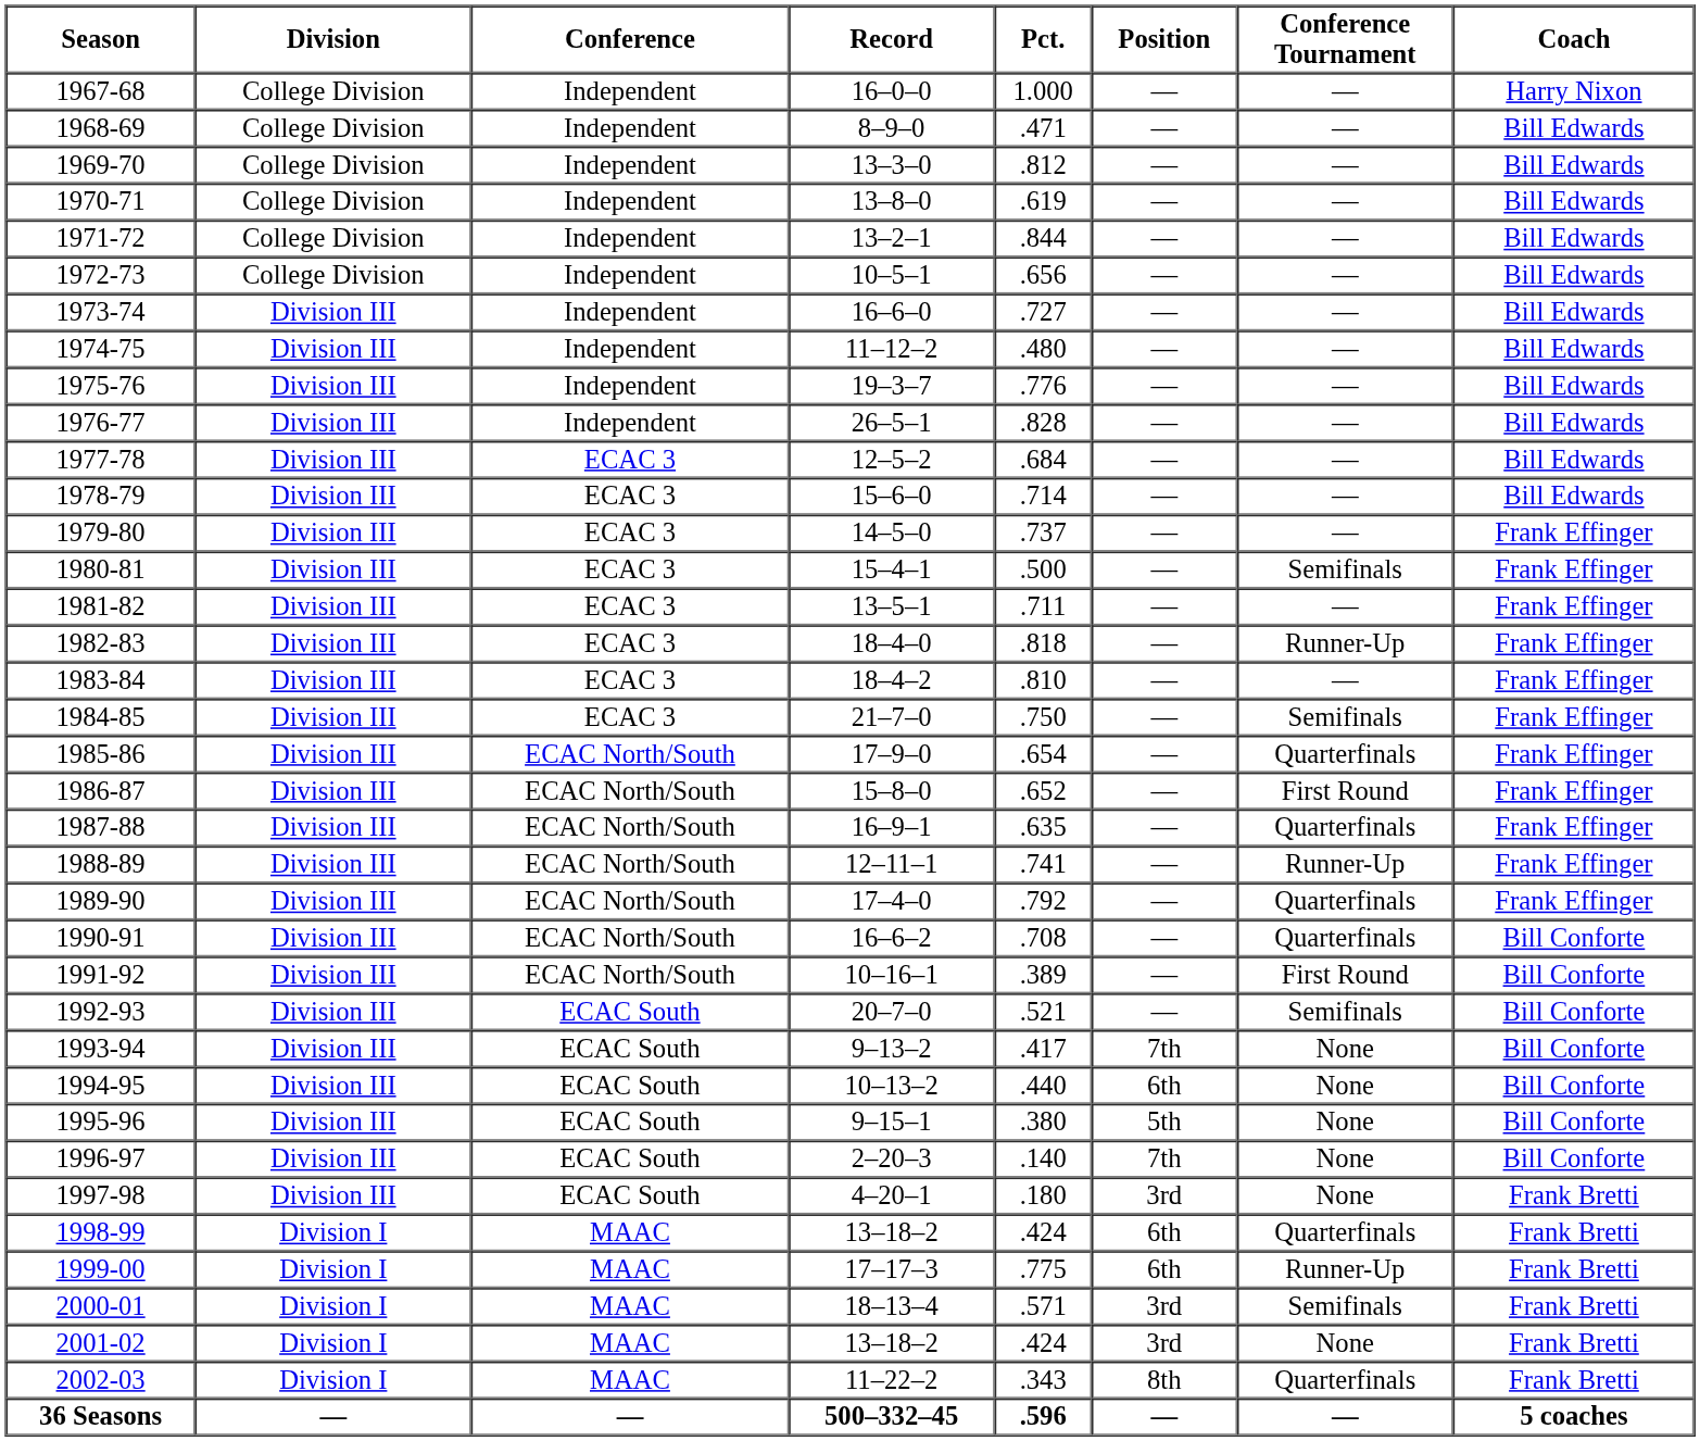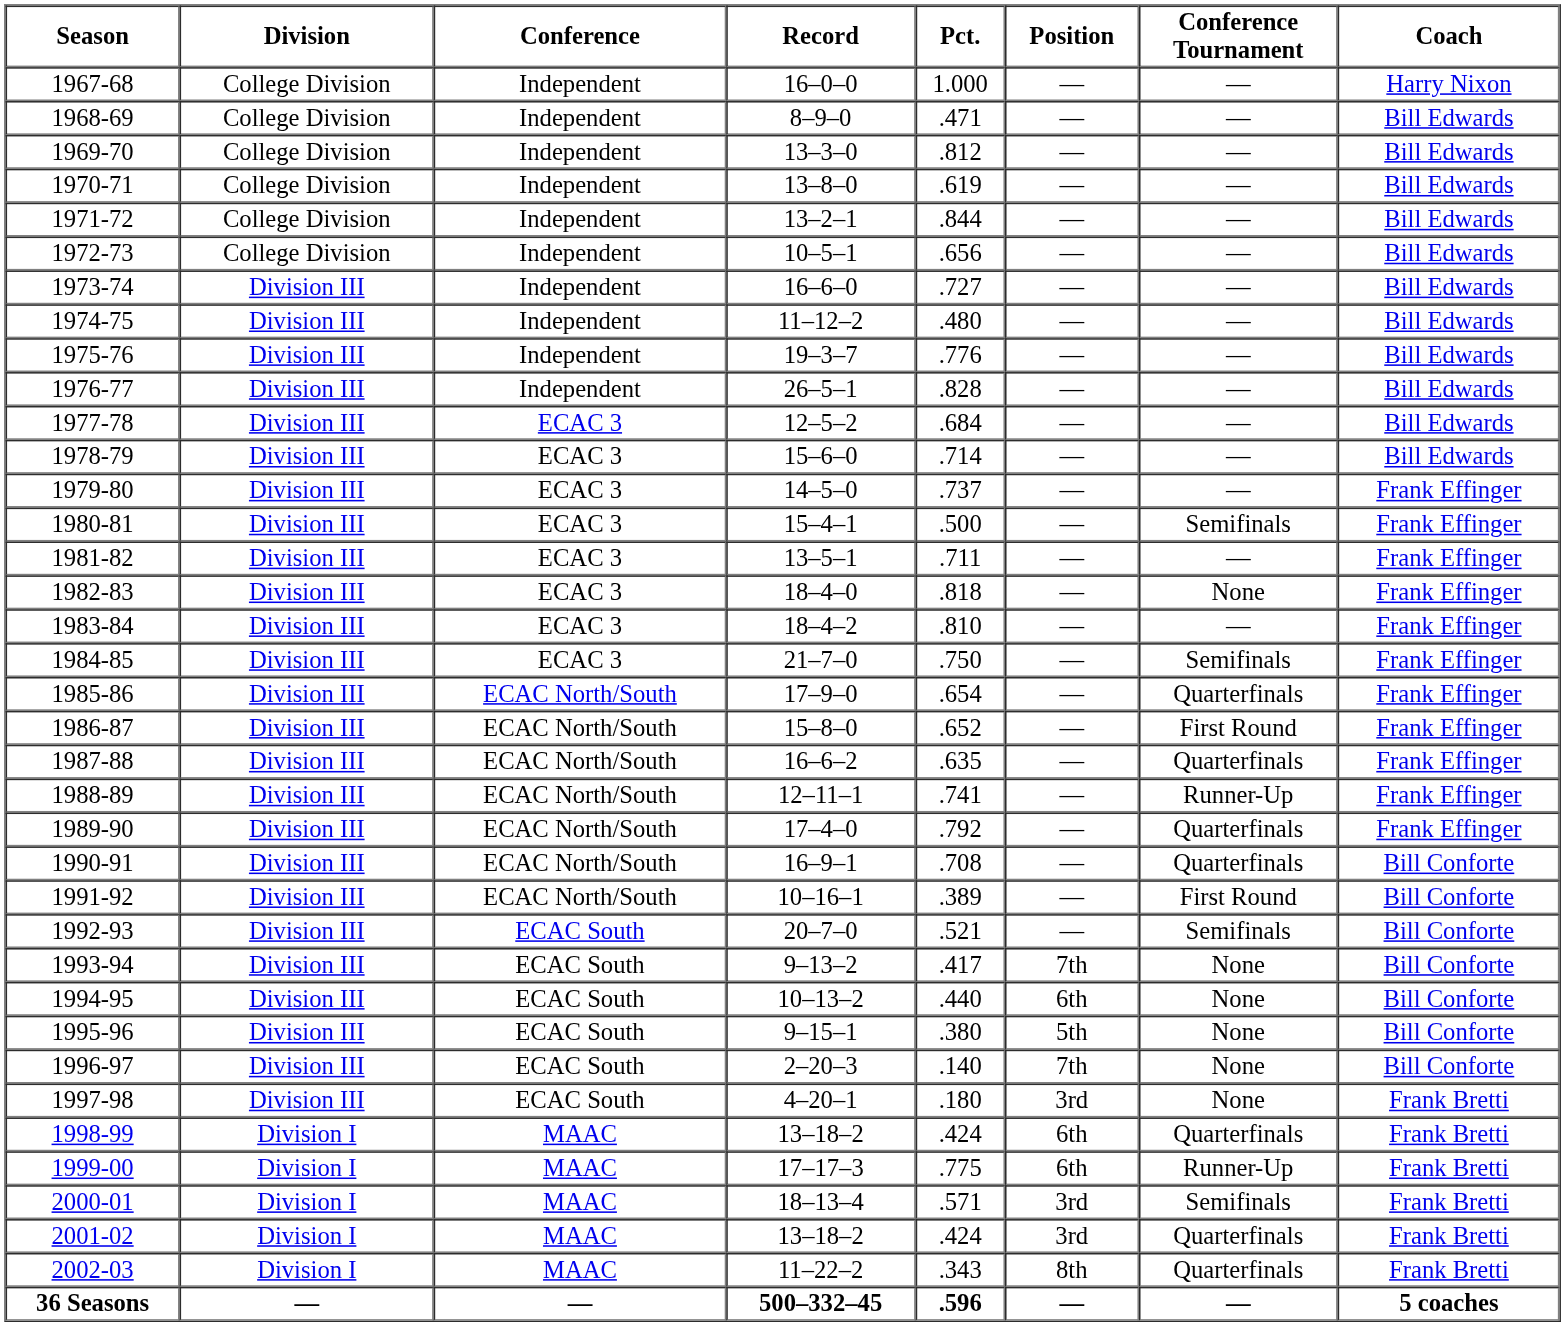 <table cellpadding="1" border="1" cellspacing="0" width="80%">
 <tr>
 <th>Season</th>
 <th>Division</th>
 <th>Conference</th>
 <th>Record</th>
 <th>Pct.</th>
 <th>Position</th>
 <th>Conference<br>Tournament</th>
 <th>Coach</th>
 </tr>
 <tr align="center">
 <td>1967-68</td>
 <td>College Division</td>
 <td>Independent</td>
 <td>16–0–0</td>
 <td>1.000</td>
 <td>—</td>
 <td>—</td>
 <td><a href='#'>Harry Nixon</a></td>
 </tr>
 <tr align="center">
 <td>1968-69</td>
 <td>College Division</td>
 <td>Independent</td>
 <td>8–9–0</td>
 <td>.471</td>
 <td>—</td>
 <td>—</td>
 <td><a href='#'>Bill Edwards</a></td>
 </tr>
 <tr align="center">
 <td>1969-70</td>
 <td>College Division</td>
 <td>Independent</td>
 <td>13–3–0</td>
 <td>.812</td>
 <td>—</td>
 <td>—</td>
 <td><a href='#'>Bill Edwards</a></td>
 </tr>
 <tr align="center">
 <td>1970-71</td>
 <td>College Division</td>
 <td>Independent</td>
 <td>13–8–0</td>
 <td>.619</td>
 <td>—</td>
 <td>—</td>
 <td><a href='#'>Bill Edwards</a></td>
 </tr>
 <tr align="center">
 <td>1971-72</td>
 <td>College Division</td>
 <td>Independent</td>
 <td>13–2–1</td>
 <td>.844</td>
 <td>—</td>
 <td>—</td>
 <td><a href='#'>Bill Edwards</a></td>
 </tr>
 <tr align="center">
 <td>1972-73</td>
 <td>College Division</td>
 <td>Independent</td>
 <td>10–5–1</td>
 <td>.656</td>
 <td>—</td>
 <td>—</td>
 <td><a href='#'>Bill Edwards</a></td>
 </tr>
 <tr align="center">
 <td>1973-74</td>
 <td><a href='#'>Division III</a></td>
 <td>Independent</td>
 <td>16–6–0</td>
 <td>.727</td>
 <td>—</td>
 <td>—</td>
 <td><a href='#'>Bill Edwards</a></td>
 </tr>
 <tr align="center">
 <td>1974-75</td>
 <td><a href='#'>Division III</a></td>
 <td>Independent</td>
 <td>11–12–2</td>
 <td>.480</td>
 <td>—</td>
 <td>—</td>
 <td><a href='#'>Bill Edwards</a></td>
 </tr>
 <tr align="center">
 <td>1975-76</td>
 <td><a href='#'>Division III</a></td>
 <td>Independent</td>
 <td>19–3–7</td>
 <td>.776</td>
 <td>—</td>
 <td>—</td>
 <td><a href='#'>Bill Edwards</a></td>
 </tr>
 <tr align="center">
 <td>1976-77</td>
 <td><a href='#'>Division III</a></td>
 <td>Independent</td>
 <td>26–5–1</td>
 <td>.828</td>
 <td>—</td>
 <td>—</td>
 <td><a href='#'>Bill Edwards</a></td>
 </tr>
 <tr align="center">
 <td>1977-78</td>
 <td><a href='#'>Division III</a></td>
 <td><a href='#'>ECAC 3</a></td>
 <td>12–5–2</td>
 <td>.684</td>
 <td>—</td>
 <td>—</td>
 <td><a href='#'>Bill Edwards</a></td>
 </tr>
 <tr align="center">
 <td>1978-79</td>
 <td><a href='#'>Division III</a></td>
 <td>ECAC 3</td>
 <td>15–6–0</td>
 <td>.714</td>
 <td>—</td>
 <td>—</td>
 <td><a href='#'>Bill Edwards</a></td>
 </tr>
 <tr align="center">
 <td>1979-80</td>
 <td><a href='#'>Division III</a></td>
 <td>ECAC 3</td>
 <td>14–5–0</td>
 <td>.737</td>
 <td>—</td>
 <td>—</td>
 <td><a href='#'>Frank Effinger</a></td>
 </tr>
 <tr align="center">
 <td>1980-81</td>
 <td><a href='#'>Division III</a></td>
 <td>ECAC 3</td>
 <td>15–4–1</td>
 <td>.500</td>
 <td>—</td>
 <td>Semifinals</td>
 <td><a href='#'>Frank Effinger</a></td>
 </tr>
 <tr align="center">
 <td>1981-82</td>
 <td><a href='#'>Division III</a></td>
 <td>ECAC 3</td>
 <td>13–5–1</td>
 <td>.711</td>
 <td>—</td>
 <td>—</td>
 <td><a href='#'>Frank Effinger</a></td>
 </tr>
 <tr align="center">
 <td>1982-83</td>
 <td><a href='#'>Division III</a></td>
 <td>ECAC 3</td>
 <td>18–4–0</td>
 <td>.818</td>
 <td>—</td>
-<td>Runner-Up</td>
+<td>None</td>
 <td><a href='#'>Frank Effinger</a></td>
 </tr>
 <tr align="center">
 <td>1983-84</td>
 <td><a href='#'>Division III</a></td>
 <td>ECAC 3</td>
 <td>18–4–2</td>
 <td>.810</td>
 <td>—</td>
 <td>—</td>
 <td><a href='#'>Frank Effinger</a></td>
 </tr>
 <tr align="center">
 <td>1984-85</td>
 <td><a href='#'>Division III</a></td>
 <td>ECAC 3</td>
 <td>21–7–0</td>
 <td>.750</td>
 <td>—</td>
 <td>Semifinals</td>
 <td><a href='#'>Frank Effinger</a></td>
 </tr>
 <tr align="center">
 <td>1985-86</td>
 <td><a href='#'>Division III</a></td>
 <td><a href='#'>ECAC North/South</a></td>
 <td>17–9–0</td>
 <td>.654</td>
 <td>—</td>
 <td>Quarterfinals</td>
 <td><a href='#'>Frank Effinger</a></td>
 </tr>
 <tr align="center">
 <td>1986-87</td>
 <td><a href='#'>Division III</a></td>
 <td>ECAC North/South</td>
 <td>15–8–0</td>
 <td>.652</td>
 <td>—</td>
 <td>First Round</td>
 <td><a href='#'>Frank Effinger</a></td>
 </tr>
 <tr align="center">
 <td>1987-88</td>
 <td><a href='#'>Division III</a></td>
 <td>ECAC North/South</td>
-<td>16–9–1</td>
+<td>16–6–2</td>
 <td>.635</td>
 <td>—</td>
 <td>Quarterfinals</td>
 <td><a href='#'>Frank Effinger</a></td>
 </tr>
 <tr align="center">
 <td>1988-89</td>
 <td><a href='#'>Division III</a></td>
 <td>ECAC North/South</td>
 <td>12–11–1</td>
 <td>.741</td>
 <td>—</td>
 <td>Runner-Up</td>
 <td><a href='#'>Frank Effinger</a></td>
 </tr>
 <tr align="center">
 <td>1989-90</td>
 <td><a href='#'>Division III</a></td>
 <td>ECAC North/South</td>
 <td>17–4–0</td>
 <td>.792</td>
 <td>—</td>
 <td>Quarterfinals</td>
 <td><a href='#'>Frank Effinger</a></td>
 </tr>
 <tr align="center">
 <td>1990-91</td>
 <td><a href='#'>Division III</a></td>
 <td>ECAC North/South</td>
-<td>16–6–2</td>
+<td>16–9–1</td>
 <td>.708</td>
 <td>—</td>
 <td>Quarterfinals</td>
 <td><a href='#'>Bill Conforte</a></td>
 </tr>
 <tr align="center">
 <td>1991-92</td>
 <td><a href='#'>Division III</a></td>
 <td>ECAC North/South</td>
 <td>10–16–1</td>
 <td>.389</td>
 <td>—</td>
 <td>First Round</td>
 <td><a href='#'>Bill Conforte</a></td>
 </tr>
 <tr align="center">
 <td>1992-93</td>
 <td><a href='#'>Division III</a></td>
 <td><a href='#'>ECAC South</a></td>
 <td>20–7–0</td>
 <td>.521</td>
 <td>—</td>
 <td>Semifinals</td>
 <td><a href='#'>Bill Conforte</a></td>
 </tr>
 <tr align="center">
 <td>1993-94</td>
 <td><a href='#'>Division III</a></td>
 <td>ECAC South</td>
 <td>9–13–2</td>
 <td>.417</td>
 <td>7th</td>
 <td>None</td>
 <td><a href='#'>Bill Conforte</a></td>
 </tr>
 <tr align="center">
 <td>1994-95</td>
 <td><a href='#'>Division III</a></td>
 <td>ECAC South</td>
 <td>10–13–2</td>
 <td>.440</td>
 <td>6th</td>
 <td>None</td>
 <td><a href='#'>Bill Conforte</a></td>
 </tr>
 <tr align="center">
 <td>1995-96</td>
 <td><a href='#'>Division III</a></td>
 <td>ECAC South</td>
 <td>9–15–1</td>
 <td>.380</td>
 <td>5th</td>
 <td>None</td>
 <td><a href='#'>Bill Conforte</a></td>
 </tr>
 <tr align="center">
 <td>1996-97</td>
 <td><a href='#'>Division III</a></td>
 <td>ECAC South</td>
 <td>2–20–3</td>
 <td>.140</td>
 <td>7th</td>
 <td>None</td>
 <td><a href='#'>Bill Conforte</a></td>
 </tr>
 <tr align="center">
 <td>1997-98</td>
 <td><a href='#'>Division III</a></td>
 <td>ECAC South</td>
 <td>4–20–1</td>
 <td>.180</td>
 <td>3rd</td>
 <td>None</td>
 <td><a href='#'>Frank Bretti</a></td>
 </tr>
 <tr align="center">
 <td><a href='#'>1998-99</a></td>
 <td><a href='#'>Division I</a></td>
 <td><a href='#'>MAAC</a></td>
 <td>13–18–2</td>
 <td>.424</td>
 <td>6th</td>
 <td>Quarterfinals</td>
 <td><a href='#'>Frank Bretti</a></td>
 </tr>
 <tr align="center">
 <td><a href='#'>1999-00</a></td>
 <td><a href='#'>Division I</a></td>
 <td><a href='#'>MAAC</a></td>
 <td>17–17–3</td>
 <td>.775</td>
 <td>6th</td>
 <td>Runner-Up</td>
 <td><a href='#'>Frank Bretti</a></td>
 </tr>
 <tr align="center">
 <td><a href='#'>2000-01</a></td>
 <td><a href='#'>Division I</a></td>
 <td><a href='#'>MAAC</a></td>
 <td>18–13–4</td>
 <td>.571</td>
 <td>3rd</td>
 <td>Semifinals</td>
 <td><a href='#'>Frank Bretti</a></td>
 </tr>
 <tr align="center">
 <td><a href='#'>2001-02</a></td>
 <td><a href='#'>Division I</a></td>
 <td><a href='#'>MAAC</a></td>
 <td>13–18–2</td>
 <td>.424</td>
 <td>3rd</td>
-<td>None</td>
+<td>Quarterfinals</td>
 <td><a href='#'>Frank Bretti</a></td>
 </tr>
 <tr align="center">
 <td><a href='#'>2002-03</a></td>
 <td><a href='#'>Division I</a></td>
 <td><a href='#'>MAAC</a></td>
 <td>11–22–2</td>
 <td>.343</td>
 <td>8th</td>
 <td>Quarterfinals</td>
 <td><a href='#'>Frank Bretti</a></td>
 </tr>
 <tr align="center">
 </tr>
 <tr align=center>
 <th>36 Seasons</th>
 <th>—</th>
 <th>—</th>
 <th>500–332–45</th>
 <th>.596</th>
 <th>—</th>
 <th>—</th>
 <th>5 coaches</th>
 </tr>
 </table>
